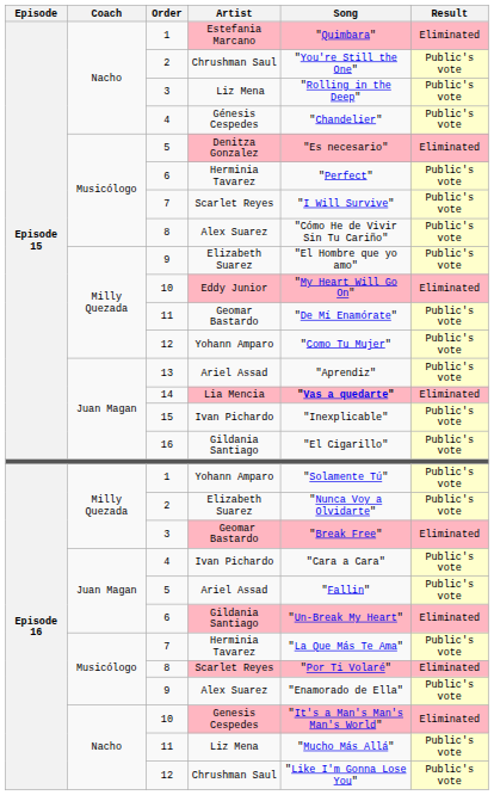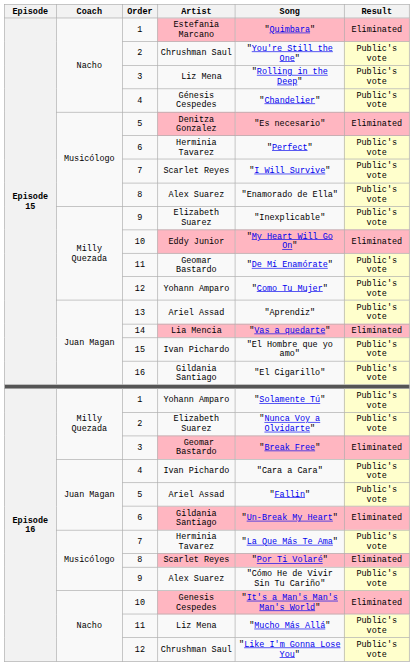 <table class="wikitable" style="text-align:center; width:100%">
 <tr>
 <th style="width:10%">Episode</th>
 <th style="width:10%">Coach</th>
 <th style="width:05%">Order</th>
 <th style="width:15%">Artist</th>
 <th style="width:21%">Song</th>
 <th style="width:9%">Result</th>
 </tr>
 <tr>
 <th scope="row" rowspan="16">Episode 15<br></th>
 <td rowspan="4">Nacho</td>
 <td>1</td>
 <td style="background:lightpink">Estefania Marcano</td>
 <td style="background:lightpink">"<a href='#'>Quimbara</a>"</td>
 <td style="background:lightpink">Eliminated</td>
 </tr>
 <tr>
 <td>2</td>
 <td>Chrushman Saul</td>
 <td>"<a href='#'>You're Still the One</a>"</td>
 <td style="background:#FFFFCC">Public's vote</td>
 </tr>
 <tr>
 <td>3</td>
 <td>  Liz Mena</td>
 <td>"<a href='#'>Rolling in the Deep</a>"</td>
 <td style="background:#FFFFCC">Public's vote</td>
 </tr>
 <tr>
 <td>4</td>
 <td>Génesis Cespedes</td>
 <td>"<a href='#'>Chandelier</a>"</td>
 <td style="background:#FFFFCC">Public's vote</td>
 </tr>
 <tr>
 <td rowspan="4">Musicólogo</td>
 <td>5</td>
 <td style="background:lightpink">Denitza Gonzalez</td>
 <td style="background:lightpink">"Es necesario"</td>
 <td style="background:lightpink">Eliminated</td>
 </tr>
 <tr>
 <td>6</td>
 <td>Herminia Tavarez</td>
 <td>"<a href='#'>Perfect</a>"</td>
 <td style="background:#FFFFCC">Public's vote</td>
 </tr>
 <tr>
 <td>7</td>
 <td>Scarlet Reyes</td>
 <td>"<a href='#'>I Will Survive</a>"</td>
 <td style="background:#FFFFCC">Public's vote</td>
 </tr>
 <tr>
 <td>8</td>
 <td>Alex Suarez</td>
-<td>"Cómo He de Vivir Sin Tu Cariño"</td>
+<td>"Enamorado de Ella"</td>
 <td style="background:#FFFFCC">Public's vote</td>
 </tr>
 <tr>
 <td rowspan="4">Milly Quezada</td>
 <td>9</td>
 <td>Elizabeth Suarez</td>
-<td>"El Hombre que yo amo"</td>
+<td>"Inexplicable"</td>
 <td style="background:#FFFFCC">Public's vote</td>
 </tr>
 <tr>
 <td>10</td>
 <td style="background:lightpink">Eddy Junior</td>
 <td style="background:lightpink">"<a href='#'>My Heart Will Go On</a>"</td>
 <td style="background:lightpink">Eliminated</td>
 </tr>
 <tr>
 <td>11</td>
 <td>Geomar Bastardo</td>
 <td>"<a href='#'>De Mí Enamórate</a>"</td>
 <td style="background:#FFFFCC">Public's vote</td>
 </tr>
 <tr>
 <td>12</td>
 <td>Yohann Amparo</td>
 <td>"<a href='#'>Como Tu Mujer</a>"</td>
 <td style="background:#FFFFCC">Public's vote</td>
 </tr>
 <tr>
 <td rowspan="4">Juan Magan</td>
 <td>13</td>
 <td>Ariel Assad</td>
 <td>"Aprendiz"</td>
 <td style="background:#FFFFCC">Public's vote</td>
 </tr>
 <tr>
 <td>14</td>
 <td style="background:lightpink">Lia Mencia</td>
-<td style="background:lightpink"><strong>"<a href='#'>Vas a quedarte</a>"</strong></td>
+<td style="background:lightpink">"<a href='#'>Vas a quedarte</a>"</td>
 <td style="background:lightpink">Eliminated</td>
 </tr>
 <tr>
 <td>15</td>
 <td>Ivan Pichardo</td>
-<td>"Inexplicable"</td>
+<td>"El Hombre que yo amo"</td>
 <td style="background:#FFFFCC">Public's vote</td>
 </tr>
 <tr>
 <td>16</td>
 <td>Gildania Santiago</td>
 <td>"El Cigarillo"</td>
 <td style="background:#FFFFCC">Public's vote</td>
 </tr>
 <tr>
 <td colspan="6" style="background:#555"></td>
 </tr>
 <tr>
 <th scope="row" rowspan="12">Episode 16<br></th>
 <td rowspan="3">Milly Quezada</td>
 <td>1</td>
 <td>Yohann Amparo</td>
 <td>"<a href='#'>Solamente Tú</a>"</td>
 <td style="background:#FFFFCC">Public's vote</td>
 </tr>
 <tr>
 <td>2</td>
 <td>Elizabeth Suarez</td>
 <td>"<a href='#'>Nunca Voy a Olvidarte</a>"</td>
 <td style="background:#FFFFCC">Public's vote</td>
 </tr>
 <tr>
 <td>3</td>
 <td style="background:lightpink"> Geomar Bastardo</td>
 <td style="background:lightpink">"<a href='#'>Break Free</a>"</td>
 <td style="background:lightpink">Eliminated</td>
 </tr>
 <tr>
 <td rowspan="3">Juan Magan</td>
 <td>4</td>
 <td>Ivan Pichardo</td>
 <td>"Cara a Cara"</td>
 <td style="background:#FFFFCC">Public's vote</td>
 </tr>
 <tr>
 <td>5</td>
 <td>Ariel Assad</td>
 <td>"<a href='#'>Fallin</a>"</td>
 <td style="background:#FFFFCC">Public's vote</td>
 </tr>
 <tr>
 <td>6</td>
 <td style="background:lightpink">Gildania Santiago</td>
 <td style="background:lightpink">"<a href='#'>Un-Break My Heart</a>"</td>
 <td style="background:lightpink">Eliminated</td>
 </tr>
 <tr>
 <td rowspan="3">Musicólogo</td>
 <td>7</td>
 <td>Herminia Tavarez</td>
 <td>"<a href='#'>La Que Más Te Ama</a>"</td>
 <td style="background:#FFFFCC">Public's vote</td>
 </tr>
 <tr>
 <td>8</td>
 <td style="background:lightpink">Scarlet Reyes</td>
 <td style="background:lightpink">"<a href='#'>Por Ti Volaré</a>"</td>
 <td style="background:lightpink">Eliminated</td>
 </tr>
 <tr>
 <td>9</td>
 <td>Alex Suarez</td>
-<td>"Enamorado de Ella"</td>
+<td>"Cómo He de Vivir Sin Tu Cariño"</td>
 <td style="background:#FFFFCC">Public's vote</td>
 </tr>
 <tr>
 <td rowspan="3">Nacho</td>
 <td>10</td>
 <td style="background:lightpink">Genesis Cespedes</td>
 <td style="background:lightpink">"<a href='#'>It's a Man's Man's Man's World</a>"</td>
 <td style="background:lightpink">Eliminated</td>
 </tr>
 <tr>
 <td>11</td>
 <td>Liz Mena</td>
 <td>"<a href='#'>Mucho Más Allá</a>"</td>
 <td style="background:#FFFFCC">Public's vote</td>
 </tr>
 <tr>
 <td>12</td>
 <td>Chrushman Saul</td>
 <td>"<a href='#'>Like I'm Gonna Lose You</a>"</td>
 <td style="background:#FFFFCC">Public's vote</td>
 </tr>
 </table>
